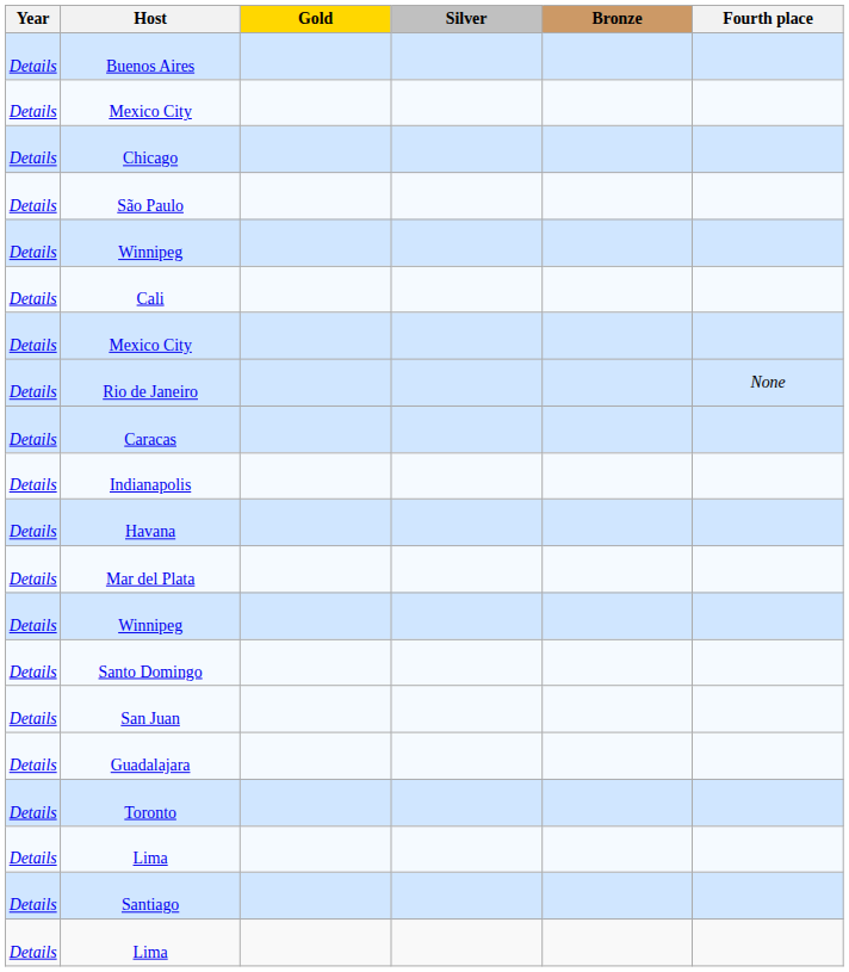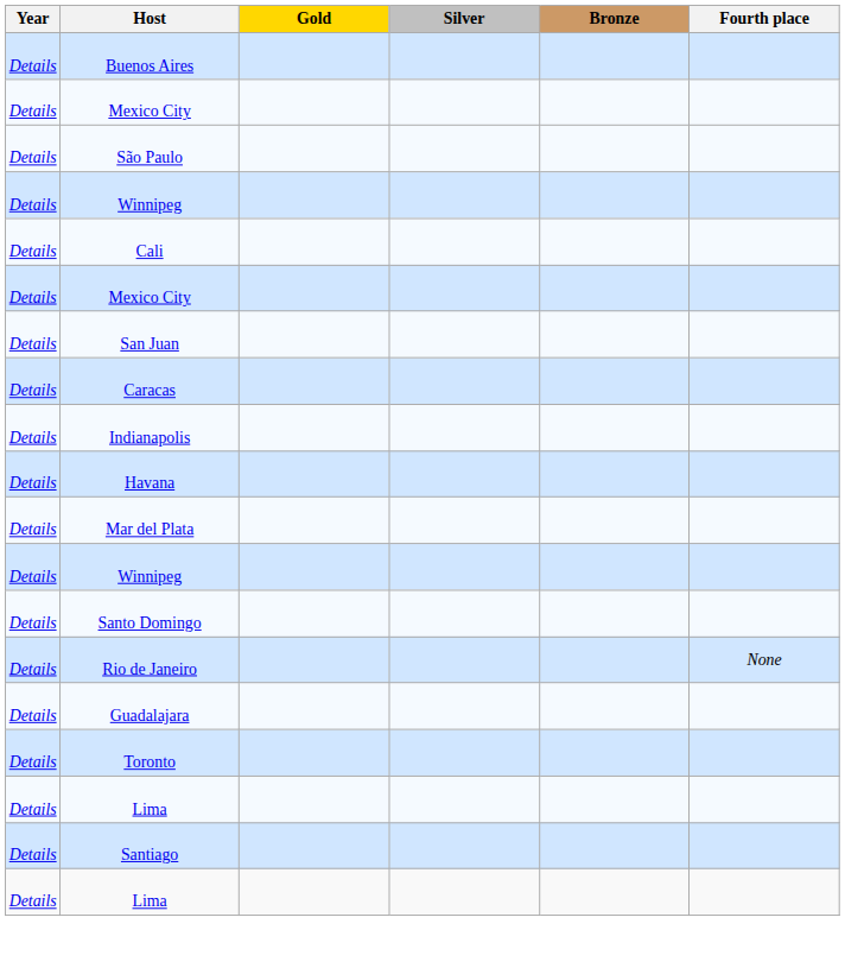 <table class="wikitable" style="font-size: 90%; text-align: center;">
 <tr>
 <th width="30">Year</th>
 <th width="150">Host</th>
 <th width="125" style="background: gold;">Gold</th>
 <th width="125" style="background: silver;">Silver</th>
 <th width="125" style="background: #cc9966;">Bronze</th>
 <th width="125" style="background:">Fourth place</th>
 </tr>
 <tr style="background: #D0E6FF;">
 <td><br><em><a href='#'>Details</a></em></td>
 <td><br><a href='#'>Buenos Aires</a></td>
 <td><strong></strong></td>
 <td></td>
 <td></td>
 <td></td>
 </tr>
 <tr style="background: #F5FAFF;">
 <td><br><em><a href='#'>Details</a></em></td>
 <td><br><a href='#'>Mexico City</a></td>
-<td><strong></strong></td>
-<td></td>
-<td></td>
-<td></td>
-</tr>
-<tr style="background: #D0E6FF;">
-<td><br><em><a href='#'>Details</a></em></td>
-<td><br><a href='#'>Chicago</a></td>
 <td><strong></strong></td>
 <td></td>
 <td></td>
 <td></td>
 </tr>
 <tr style="background: #F5FAFF;">
 <td><br><em><a href='#'>Details</a></em></td>
 <td><br><a href='#'>São Paulo</a></td>
 <td><strong></strong></td>
 <td></td>
 <td></td>
 <td></td>
 </tr>
 <tr style="background: #D0E6FF;">
 <td><br><em><a href='#'>Details</a></em></td>
 <td><br><a href='#'>Winnipeg</a></td>
 <td><strong></strong></td>
 <td></td>
 <td></td>
 <td></td>
 </tr>
 <tr style="background: #F5FAFF;">
 <td><br><em><a href='#'>Details</a></em></td>
 <td><br><a href='#'>Cali</a></td>
 <td><strong></strong></td>
 <td></td>
 <td></td>
 <td></td>
 </tr>
 <tr style="background: #D0E6FF;">
 <td><br><em><a href='#'>Details</a></em></td>
 <td><br><a href='#'>Mexico City</a></td>
 <td><strong></strong></td>
 <td></td>
 <td></td>
 <td></td>
 </tr>
-<tr style="background: #D0E6FF;">
+<tr style="background: #F5FAFF;">
 <td><br><em><a href='#'>Details</a></em></td>
-<td><br><a href='#'>Rio de Janeiro</a></td>
+<td><br><a href='#'>San Juan</a></td>
 <td><strong></strong></td>
 <td></td>
-<td><br></td>
-<td><em>None</em></td>
+<td></td>
+<td></td>
 </tr>
 <tr style="background: #D0E6FF;">
 <td><br><em><a href='#'>Details</a></em></td>
 <td><br><a href='#'>Caracas</a></td>
 <td><strong></strong></td>
 <td></td>
 <td></td>
 <td></td>
 </tr>
 <tr style="background: #F5FAFF;">
 <td><br><em><a href='#'>Details</a></em></td>
 <td><br><a href='#'>Indianapolis</a></td>
 <td><strong></strong></td>
 <td></td>
 <td></td>
 <td></td>
 </tr>
 <tr style="background: #D0E6FF;">
 <td><br><em><a href='#'>Details</a></em></td>
 <td><br><a href='#'>Havana</a></td>
 <td><strong></strong></td>
 <td></td>
 <td></td>
 <td></td>
 </tr>
 <tr style="background: #F5FAFF;">
 <td><br><em><a href='#'>Details</a></em></td>
 <td><br><a href='#'>Mar del Plata</a></td>
 <td><strong></strong></td>
 <td></td>
 <td></td>
 <td></td>
 </tr>
 <tr style="background: #D0E6FF;">
 <td><br><em><a href='#'>Details</a></em></td>
 <td><br><a href='#'>Winnipeg</a></td>
 <td><strong></strong></td>
 <td></td>
 <td></td>
 <td></td>
 </tr>
 <tr style="background: #F5FAFF;">
 <td><br><em><a href='#'>Details</a></em></td>
 <td><br><a href='#'>Santo Domingo</a></td>
 <td><strong></strong></td>
 <td></td>
 <td></td>
 <td></td>
 </tr>
-<tr style="background: #F5FAFF;">
+<tr style="background: #D0E6FF;">
 <td><br><em><a href='#'>Details</a></em></td>
-<td><br><a href='#'>San Juan</a></td>
+<td><br><a href='#'>Rio de Janeiro</a></td>
 <td><strong></strong></td>
 <td></td>
-<td></td>
-<td></td>
+<td><br></td>
+<td><em>None</em></td>
 </tr>
 <tr style="background: #F5FAFF;">
 <td><br><em><a href='#'>Details</a></em></td>
 <td><br><a href='#'>Guadalajara</a></td>
 <td><strong></strong></td>
 <td></td>
 <td></td>
 <td></td>
 </tr>
 <tr style="background: #D0E6FF;">
 <td><br><em><a href='#'>Details</a></em></td>
 <td><br><a href='#'>Toronto</a></td>
 <td><strong></strong></td>
 <td></td>
 <td></td>
 <td></td>
 </tr>
 <tr style="background: #F5FAFF;">
 <td><br><em><a href='#'>Details</a></em></td>
 <td><br><a href='#'>Lima</a></td>
 <td><strong></strong></td>
 <td></td>
 <td></td>
 <td></td>
 </tr>
 <tr style="background: #D0E6FF;">
 <td><br><em><a href='#'>Details</a></em></td>
 <td><br><a href='#'>Santiago</a></td>
 <td><strong></strong></td>
 <td></td>
 <td></td>
 <td></td>
 </tr>
 <tr>
 <td><br><em><a href='#'>Details</a></em></td>
 <td><br><a href='#'>Lima</a></td>
 <td></td>
 <td></td>
 <td></td>
 <td></td>
 </tr>
 </table>
